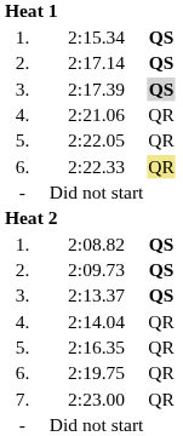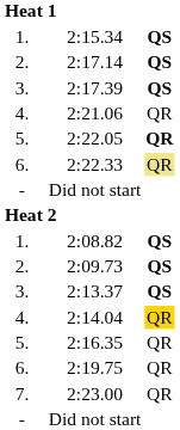 <table style="text-align:center">
 <tr>
 <td colspan=4 align=left><strong>Heat 1</strong></td>
 </tr>
 <tr>
 <td width=30>1.</td>
 <td align=left></td>
 <td width=80>2:15.34</td>
 <td><strong>QS</strong></td>
 </tr>
 <tr>
 <td>2.</td>
 <td align=left></td>
 <td>2:17.14</td>
 <td><strong>QS</strong></td>
 </tr>
 <tr>
 <td>3.</td>
 <td align=left></td>
 <td>2:17.39</td>
-<td style="background: lightgrey;"><strong>QS</strong></td>
+<td><strong>QS</strong></td>
 </tr>
 <tr>
 <td>4.</td>
 <td align=left></td>
 <td>2:21.06</td>
 <td>QR</td>
 </tr>
 <tr>
 <td>5.</td>
 <td align=left></td>
 <td>2:22.05</td>
-<td>QR</td>
+<td><strong>QR</strong></td>
 </tr>
 <tr>
 <td>6.</td>
 <td align=left></td>
 <td>2:22.33</td>
 <td style="background: khaki;">QR</td>
 </tr>
 <tr>
 <td>-</td>
 <td align=left></td>
 <td>Did not start</td>
 <td></td>
 </tr>
 <tr>
 <td colspan=4 align=left><strong>Heat 2</strong></td>
 </tr>
 <tr>
 <td>1.</td>
 <td align=left></td>
 <td>2:08.82</td>
 <td><strong>QS</strong></td>
 </tr>
 <tr>
 <td>2.</td>
 <td align=left></td>
 <td>2:09.73</td>
 <td><strong>QS</strong></td>
 </tr>
 <tr>
 <td>3.</td>
 <td align=left></td>
 <td>2:13.37</td>
 <td><strong>QS</strong></td>
 </tr>
 <tr>
 <td>4.</td>
 <td align=left></td>
 <td>2:14.04</td>
-<td>QR</td>
+<td style="background: gold;">QR</td>
 </tr>
 <tr>
 <td>5.</td>
 <td align=left></td>
 <td>2:16.35</td>
 <td>QR</td>
 </tr>
 <tr>
 <td>6.</td>
 <td align=left></td>
 <td>2:19.75</td>
 <td>QR</td>
 </tr>
 <tr>
 <td>7.</td>
 <td align=left></td>
 <td>2:23.00</td>
 <td>QR</td>
 </tr>
 <tr>
 <td>-</td>
 <td align=left></td>
 <td>Did not start</td>
 <td></td>
 </tr>
 </table>
